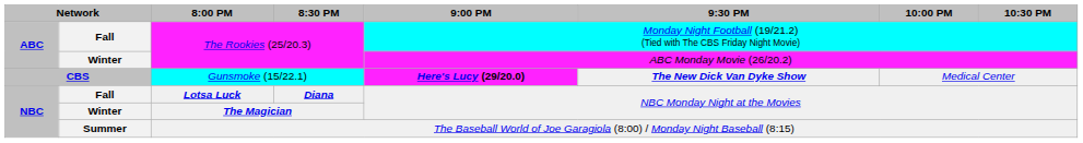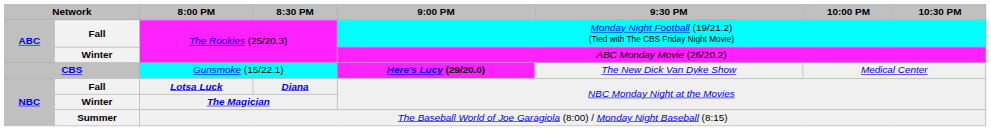 <table class="wikitable plainrowheaders" style="width:100%; margin:auto; text-align:center;">
 <tr>
 <th colspan="2" style="background:silver; text-align:center;">Network</th>
 <th style="background:silver; text-align:center;">8:00 PM</th>
 <th style="background:silver; text-align:center;">8:30 PM</th>
 <th style="background:silver; text-align:center;">9:00 PM</th>
 <th style="background:silver; text-align:center;">9:30 PM</th>
 <th style="background:silver; text-align:center;">10:00 PM</th>
 <th style="background:silver; text-align:center;">10:30 PM</th>
 </tr>
 <tr>
 <th style="background:silver;" rowspan="2"><a href='#'>ABC</a></th>
 <th>Fall</th>
 <td style="background:#FF22FF;" colspan="2" rowspan="2"><em><a href='#'>The Rookies</a></em> (25/20.3)</td>
 <td style="background:cyan;" colspan="4"><em><a href='#'>Monday Night Football</a></em> (19/21.2)<br><small>(Tied with The CBS Friday Night Movie)</small></td>
 </tr>
 <tr>
 <th>Winter</th>
 <td style="background:#FF22FF;" colspan="4"><em>ABC Monday Movie</em> (26/20.2)</td>
 </tr>
 <tr>
 <th style="background:silver;" colspan="2"><a href='#'>CBS</a></th>
 <td style="background:cyan;" colspan="2"><em><a href='#'>Gunsmoke</a></em> (15/22.1)</td>
 <td style="background:#FF22FF;"><strong><em><a href='#'>Here's Lucy</a></em> (29/20.0)</strong></td>
-<td style="background:#f0f0f0;"><strong><em><a href='#'>The New Dick Van Dyke Show</a></em></strong></td>
+<td style="background:#f0f0f0;"><em><a href='#'>The New Dick Van Dyke Show</a></em></td>
 <td style="background:#f0f0f0;" colspan="2"><em><a href='#'>Medical Center</a></em></td>
 </tr>
 <tr>
 <th style="background:silver;" rowspan="3"><a href='#'>NBC</a></th>
 <th>Fall</th>
 <td style="background:#f0f0f0;"><strong><em><a href='#'>Lotsa Luck</a></em></strong></td>
 <td style="background:#f0f0f0;"><strong><em><a href='#'>Diana</a></em></strong></td>
 <td style="background:#f0f0f0;" colspan="4" rowspan="2"><em><a href='#'>NBC Monday Night at the Movies</a></em></td>
 </tr>
 <tr>
 <th>Winter</th>
 <td style="background:#f0f0f0;" colspan="2"><strong><em><a href='#'>The Magician</a></em></strong></td>
 </tr>
 <tr>
 <th>Summer</th>
 <td bgcolor="#F0F0F0" colspan="6"><em><a href='#'>The Baseball World of Joe Garagiola</a></em> (8:00) / <em><a href='#'>Monday Night Baseball</a></em> (8:15)</td>
 </tr>
 </table>
